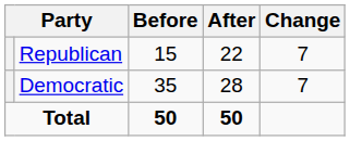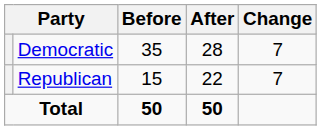 <table class="wikitable" style="text-align:center;">
 <tr>
 <th colspan="2">Party</th>
 <th>Before</th>
 <th>After</th>
 <th>Change</th>
 </tr>
 <tr>
 <th style="background-color:"></th>
-<td style="text-align:left;"><a href='#'>Republican</a></td>
-<td>15</td>
-<td>22</td>
+<td style="text-align:left;"><a href='#'>Democratic</a></td>
+<td>35</td>
+<td>28</td>
 <td> 7</td>
 </tr>
 <tr>
 <th style="background-color:"></th>
-<td style="text-align:left;"><a href='#'>Democratic</a></td>
-<td>35</td>
-<td>28</td>
+<td style="text-align:left;"><a href='#'>Republican</a></td>
+<td>15</td>
+<td>22</td>
 <td> 7</td>
 </tr>
 <tr>
 <td colspan="2"><strong>Total</strong></td>
 <td><strong>50</strong></td>
 <td><strong>50</strong></td>
 <td></td>
 </tr>
 </table>
